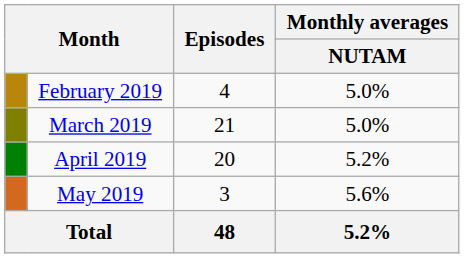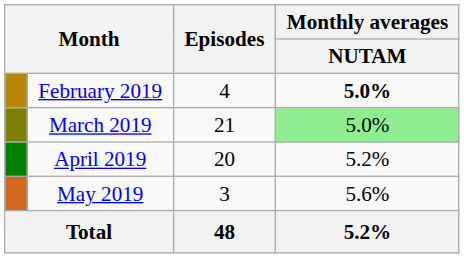 <table class="wikitable plainrowheaders" style="text-align: center; line-height:25px;">
 <tr class="wikitable" style="text-align: center;">
 <th colspan="2" rowspan="2" style="padding: 0 8px;">Month</th>
 <th rowspan="2" style="padding: 0 8px;">Episodes</th>
 <th colspan="2" style="padding: 0 8px;">Monthly averages</th>
 </tr>
 <tr>
 <th style="padding: 0 8px;">NUTAM</th>
 </tr>
 <tr>
 <td style="padding: 0 8px; background:#B8860B;"></td>
 <td style="padding: 0 8px;" '><a href='#'>February 2019</a></td>
 <td style="padding: 0 8px;">4</td>
-<td style="padding: 0 8px;">5.0%</td>
+<td style="padding: 0 8px;"><strong>5.0%</strong></td>
 </tr>
 <tr>
 <td style="padding: 0 8px; background:#808000;"></td>
 <td style="padding: 0 8px;" '><a href='#'>March 2019</a></td>
 <td style="padding: 0 8px;">21</td>
-<td style="padding: 0 8px;">5.0%</td>
+<td style="background: lightgreen; padding: 0 8px;">5.0%</td>
 </tr>
 <tr>
 <td style="padding: 0 8px; background:#008000;"></td>
 <td style="padding: 0 8px;" '><a href='#'>April 2019</a></td>
 <td style="padding: 0 8px;">20</td>
 <td style="padding: 0 8px;">5.2%</td>
 </tr>
 <tr>
 <td style="padding: 0 8px; background:#D2691E;"></td>
 <td style="padding: 0 8px;" '><a href='#'>May 2019</a></td>
 <td style="padding: 0 8px;">3</td>
 <td style="padding: 0 8px;">5.6%</td>
 </tr>
 <tr>
 <th colspan="2">Total</th>
 <th colspan="1">48</th>
 <th colspan="2">5.2%</th>
 </tr>
 </table>
